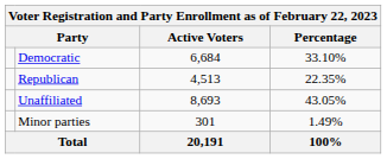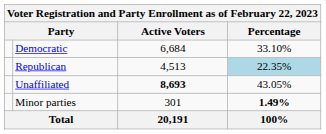 <table class=wikitable>
 <tr>
 <th colspan = 6>Voter Registration and Party Enrollment as of February 22, 2023</th>
 </tr>
 <tr>
 <th colspan = 2>Party</th>
 <th>Active Voters</th>
 <th>Percentage</th>
 </tr>
 <tr>
 <td></td>
 <td><a href='#'>Democratic</a></td>
 <td align = center>6,684</td>
 <td align = center>33.10%</td>
 </tr>
 <tr>
 <td></td>
 <td><a href='#'>Republican</a></td>
 <td align = center>4,513</td>
-<td align = center>22.35%</td>
+<td align = center style="background: lightblue;">22.35%</td>
 </tr>
 <tr>
 <td></td>
 <td><a href='#'>Unaffiliated</a></td>
-<td align = center>8,693</td>
+<td align = center><strong>8,693</strong></td>
 <td align = center>43.05%</td>
 </tr>
 <tr>
 <td></td>
 <td>Minor parties</td>
 <td align = center>301</td>
-<td align = center>1.49%</td>
+<td align = center><strong>1.49%</strong></td>
 </tr>
 <tr>
 <th colspan = 2>Total</th>
 <th align = center>20,191</th>
 <th align = center>100%</th>
 </tr>
 </table>
